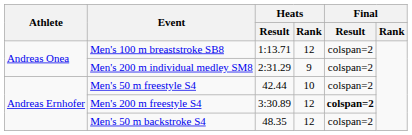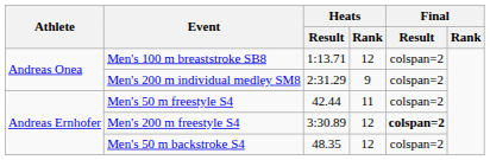 <table class=wikitable style="font-size:90%">
 <tr>
 <th rowspan="2">Athlete</th>
 <th rowspan="2">Event</th>
 <th colspan="2">Heats</th>
 <th colspan="2">Final</th>
 </tr>
 <tr>
 <th>Result</th>
 <th>Rank</th>
 <th>Result</th>
 <th>Rank</th>
 </tr>
 <tr align=center>
 <td align=left rowspan=2><a href='#'>Andreas Onea</a></td>
 <td align=left><a href='#'>Men's 100 m breaststroke SB8</a></td>
 <td>1:13.71</td>
 <td>12</td>
 <td>colspan=2 </td>
 </tr>
 <tr align=center>
 <td align=left><a href='#'>Men's 200 m individual medley SM8</a></td>
 <td>2:31.29</td>
 <td>9</td>
 <td>colspan=2 </td>
 </tr>
 <tr align=center>
 <td rowspan="3" align="left"><a href='#'>Andreas Ernhofer</a></td>
 <td align=left><a href='#'>Men's 50 m freestyle S4</a></td>
 <td>42.44</td>
-<td>10</td>
+<td>11</td>
 <td>colspan=2 </td>
 </tr>
 <tr align=center>
 <td align=left><a href='#'>Men's 200 m freestyle S4</a></td>
 <td>3:30.89</td>
 <td>12</td>
 <td><strong>colspan=2 </strong></td>
 </tr>
 <tr align=center>
 <td align=left><a href='#'>Men's 50 m backstroke S4</a></td>
 <td>48.35</td>
 <td>12</td>
 <td>colspan=2 </td>
 </tr>
 </table>
